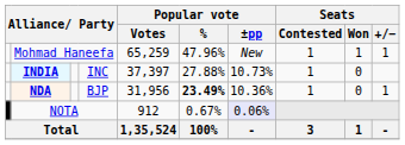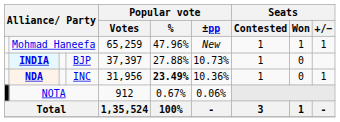 <table class="wikitable sortable" style="text-align:center;">
 <tr>
 <th colspan="4" rowspan="2">Alliance/ Party</th>
 <th colspan="3">Popular vote</th>
 <th colspan="3">Seats</th>
 </tr>
 <tr>
 <th>Votes</th>
 <th>%</th>
 <th>±<a href='#'>pp</a></th>
 <th>Contested</th>
 <th>Won</th>
 <th><strong>+/−</strong></th>
 </tr>
 <tr>
 <td></td>
 <td colspan="3"><a href='#'>Mohmad Haneefa</a></td>
 <td>65,259</td>
 <td>47.96%</td>
 <td><em>New</em></td>
 <td>1</td>
 <td>1</td>
 <td>1</td>
 </tr>
 <tr>
 <td></td>
 <th style="background:#E5F8FF"><a href='#'>INDIA</a></th>
 <td></td>
-<td><a href='#'>INC</a></td>
+<td><a href='#'>BJP</a></td>
 <td>37,397</td>
 <td>27.88%</td>
 <td>10.73%</td>
 <td>1</td>
 <td>0</td>
 <td></td>
 </tr>
 <tr>
 <td></td>
 <th style="background:#fef3e8"><a href='#'>NDA</a></th>
 <td></td>
-<td><a href='#'>BJP</a></td>
+<td><a href='#'>INC</a></td>
 <td>31,956</td>
 <td><strong>23.49%</strong></td>
 <td>10.36%</td>
 <td>1</td>
 <td>0</td>
 <td>1</td>
 </tr>
 <tr>
 <td bgcolor="Black"></td>
 <td colspan="3"><a href='#'>NOTA</a></td>
 <td>912</td>
 <td>0.67%</td>
-<td style="background: lavender;">0.06%</td>
+<td>0.06%</td>
 <th colspan="3" style="background-color:#E9E9E9"></th>
 </tr>
 <tr>
 <th colspan="4">Total</th>
 <th>1,35,524</th>
 <th>100%</th>
 <th>-</th>
 <th>3</th>
 <th>1</th>
 <th>-</th>
 </tr>
 <tr>
 </tr>
 </table>
